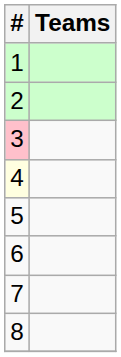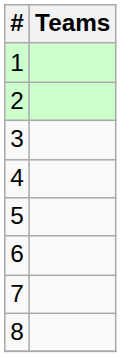 <table class="wikitable">
 <tr>
 <th>#</th>
 <th>Teams</th>
 </tr>
 <tr bgcolor=ccffcc>
 <td>1</td>
 <td></td>
 </tr>
 <tr bgcolor=ccffcc>
 <td>2</td>
 <td></td>
 </tr>
 <tr>
-<td style="background: pink;">3</td>
+<td>3</td>
 <td></td>
 </tr>
 <tr>
-<td style="background: lightyellow;">4</td>
+<td>4</td>
 <td></td>
 </tr>
 <tr>
 <td>5</td>
 <td></td>
 </tr>
 <tr>
 <td>6</td>
 <td></td>
 </tr>
 <tr>
 <td>7</td>
 <td></td>
 </tr>
 <tr>
 <td>8</td>
 <td></td>
 </tr>
 <tr>
 </tr>
 </table>
